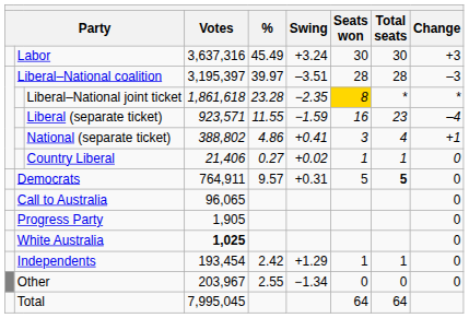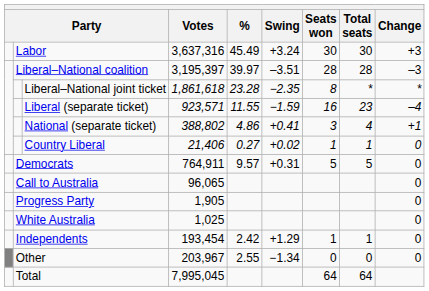 <table class="wikitable">
 <tr>
 <th colspan="9"></th>
 </tr>
 <tr>
 <th colspan=3 style="width:180px">Party</th>
 <th style="width:70px">Votes</th>
 <th style="width:40px">%</th>
 <th style="width:40px">Swing</th>
 <th style="width:40px">Seats won</th>
 <th style="width:40px">Total seats</th>
 <th style="width:40px">Change</th>
 </tr>
 <tr>
 <td> </td>
 <td colspan=2><a href='#'>Labor</a></td>
 <td align=right>3,637,316</td>
 <td align=right>45.49</td>
 <td align=right>+3.24</td>
 <td align=right>30</td>
 <td align=right>30</td>
 <td align=right>+3</td>
 </tr>
 <tr>
 <td rowspan=5> </td>
 <td colspan=2><a href='#'>Liberal–National coalition</a></td>
 <td align=right>3,195,397</td>
 <td align=right>39.97</td>
 <td align=right>–3.51</td>
 <td align=right>28</td>
 <td align=right>28</td>
 <td align=right>–3</td>
 </tr>
 <tr>
 <td> </td>
 <td>Liberal–National joint ticket</td>
 <td align=right><em>1,861,618</em></td>
 <td align=right><em>23.28</em></td>
 <td align=right><em>−2.35</em></td>
-<td align=right style="background: gold;"><em>8</em></td>
+<td align=right><em>8</em></td>
 <td align=right><em>*</em></td>
 <td align=right><em>*</em></td>
 </tr>
 <tr>
 <td> </td>
 <td><a href='#'>Liberal</a> (separate ticket)</td>
 <td align=right><em>923,571</em></td>
 <td align=right><em>11.55</em></td>
 <td align=right><em>−1.59</em></td>
 <td align=right><em>16</em></td>
 <td align=right><em>23</em></td>
 <td align=right><em>–4</em></td>
 </tr>
 <tr>
 <td> </td>
 <td><a href='#'>National</a> (separate ticket)</td>
 <td align=right><em>388,802</em></td>
 <td align=right><em>4.86</em></td>
 <td align=right><em>+0.41</em></td>
 <td align=right><em>3</em></td>
 <td align=right><em>4</em></td>
 <td align=right><em>+1</em></td>
 </tr>
 <tr>
 <td> </td>
 <td><a href='#'>Country Liberal</a></td>
 <td align=right><em>21,406</em></td>
 <td align=right><em>0.27</em></td>
 <td align=right><em>+0.02</em></td>
 <td align=right><em>1</em></td>
 <td align=right><em>1</em></td>
 <td align=right><em>0</em></td>
 </tr>
 <tr>
 <td> </td>
 <td colspan=2><a href='#'>Democrats</a></td>
 <td align=right>764,911</td>
 <td align=right>9.57</td>
 <td align=right>+0.31</td>
 <td align=right>5</td>
-<td align=right><strong>5</strong></td>
+<td align=right>5</td>
 <td align=right>0</td>
 </tr>
 <tr>
 <td> </td>
 <td colspan=2><a href='#'>Call to Australia</a></td>
 <td align=right>96,065</td>
 <td align=right></td>
 <td align=right></td>
 <td align=right></td>
 <td align=right></td>
 <td align=right>0</td>
 </tr>
 <tr>
 <td> </td>
 <td colspan=2><a href='#'>Progress Party</a></td>
 <td align=right>1,905</td>
 <td align=right></td>
 <td align=right></td>
 <td align=right></td>
 <td align=right></td>
 <td align=right>0</td>
 </tr>
 <tr>
 <td> </td>
 <td colspan=2><a href='#'>White Australia</a></td>
-<td align=right><strong>1,025</strong></td>
+<td align=right>1,025</td>
 <td align=right></td>
 <td align=right></td>
 <td align=right></td>
 <td align=right></td>
 <td align=right>0</td>
 </tr>
 <tr>
 <td> </td>
 <td colspan=2><a href='#'>Independents</a></td>
 <td align=right>193,454</td>
 <td align=right>2.42</td>
 <td align=right>+1.29</td>
 <td align=right>1</td>
 <td align=right>1</td>
 <td align=right>0</td>
 </tr>
 <tr>
 <td bgcolor=gray> </td>
 <td colspan=2>Other</td>
 <td align=right>203,967</td>
 <td align=right>2.55</td>
 <td align=right>−1.34</td>
 <td align=right>0</td>
 <td align=right>0</td>
 <td align=right>0</td>
 </tr>
 <tr>
 <td> </td>
 <td colspan=2>Total</td>
 <td align=right>7,995,045</td>
 <td align=right> </td>
 <td align=right> </td>
 <td align=right>64</td>
 <td align=right>64</td>
 <td align=right></td>
 </tr>
 </table>
